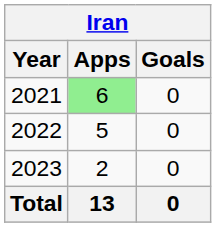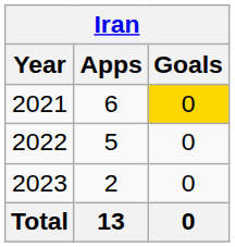 <table class="wikitable" style="text-align:center">
 <tr>
 <th colspan="4"><a href='#'>Iran</a></th>
 </tr>
 <tr>
 <th>Year</th>
 <th>Apps</th>
 <th>Goals</th>
 </tr>
 <tr>
 <td>2021</td>
-<td style="background: lightgreen;">6</td>
-<td>0</td>
+<td>6</td>
+<td style="background: gold;">0</td>
 </tr>
 <tr>
 <td>2022</td>
 <td>5</td>
 <td>0</td>
 </tr>
 <tr>
 <td>2023</td>
 <td>2</td>
 <td>0</td>
 </tr>
 <tr>
 <th>Total</th>
 <th>13</th>
 <th>0</th>
 </tr>
 </table>
